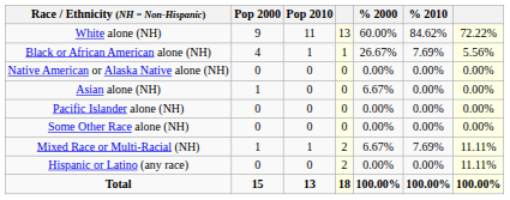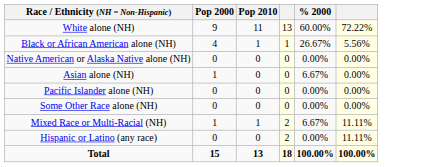 <table class="wikitable" style="text-align:center;">
 <tr>
 <th>Race / Ethnicity <small>(<em>NH = Non-Hispanic</em>)</small></th>
 <th>Pop 2000</th>
 <th>Pop 2010</th>
 <th></th>
 <th>% 2000</th>
-<th>% 2010</th>
 <th></th>
 </tr>
 <tr>
 <td><a href='#'>White</a> alone (NH)</td>
 <td>9</td>
 <td>11</td>
 <td style='background: #ffffe6;'>13</td>
 <td>60.00%</td>
-<td>84.62%</td>
 <td style='background: #ffffe6;'>72.22%</td>
 </tr>
 <tr>
 <td><a href='#'>Black or African American</a> alone (NH)</td>
 <td>4</td>
 <td>1</td>
 <td style='background: #ffffe6;'>1</td>
 <td>26.67%</td>
-<td>7.69%</td>
 <td style='background: #ffffe6;'>5.56%</td>
 </tr>
 <tr>
 <td><a href='#'>Native American</a> or <a href='#'>Alaska Native</a> alone (NH)</td>
 <td>0</td>
 <td>0</td>
 <td style='background: #ffffe6;'>0</td>
-<td>0.00%</td>
 <td>0.00%</td>
 <td style='background: #ffffe6;'>0.00%</td>
 </tr>
 <tr>
 <td><a href='#'>Asian</a> alone (NH)</td>
 <td>1</td>
 <td>0</td>
 <td style='background: #ffffe6;'>0</td>
 <td>6.67%</td>
-<td>0.00%</td>
 <td style='background: #ffffe6;'>0.00%</td>
 </tr>
 <tr>
 <td><a href='#'>Pacific Islander</a> alone (NH)</td>
 <td>0</td>
 <td>0</td>
 <td style='background: #ffffe6;'>0</td>
-<td>0.00%</td>
 <td>0.00%</td>
 <td style='background: #ffffe6;'>0.00%</td>
 </tr>
 <tr>
 <td><a href='#'>Some Other Race</a> alone (NH)</td>
 <td>0</td>
 <td>0</td>
 <td style='background: #ffffe6;'>0</td>
 <td>0.00%</td>
-<td>0.00%</td>
 <td style='background: #ffffe6;'>0.00%</td>
 </tr>
 <tr>
 <td><a href='#'>Mixed Race or Multi-Racial</a> (NH)</td>
 <td>1</td>
 <td>1</td>
 <td style='background: #ffffe6;'>2</td>
 <td>6.67%</td>
-<td>7.69%</td>
 <td style='background: #ffffe6;'>11.11%</td>
 </tr>
 <tr>
 <td><a href='#'>Hispanic or Latino</a> (any race)</td>
 <td>0</td>
 <td>0</td>
 <td style='background: #ffffe6;'>2</td>
-<td>0.00%</td>
 <td>0.00%</td>
 <td style='background: #ffffe6;'>11.11%</td>
 </tr>
 <tr>
 <td><strong>Total</strong></td>
 <td><strong>15</strong></td>
 <td><strong>13</strong></td>
 <td style='background: #ffffe6;'><strong>18</strong></td>
 <td><strong>100.00%</strong></td>
-<td><strong>100.00%</strong></td>
 <td style='background: #ffffe6;'><strong>100.00%</strong></td>
 </tr>
 </table>
